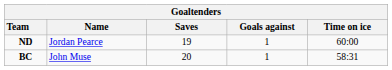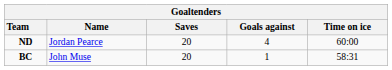 <table class="wikitable" style="width:40em; text-align:right;">
 <tr>
 <th colspan=5>Goaltenders</th>
 </tr>
 <tr>
 <th style="width:4em; text-align:left;">Team</th>
 <th style="width:10em;">Name</th>
 <th style="width:8em;">Saves</th>
 <th style="width:8em;">Goals against</th>
 <th style="width:8em;">Time on ice</th>
 </tr>
 <tr>
 <td align=center><strong>ND</strong></td>
 <td style="text-align:left;"><a href='#'>Jordan Pearce</a></td>
-<td align=center>19</td>
-<td align=center>1</td>
+<td align=center>20</td>
+<td align=center>4</td>
 <td align=center>60:00</td>
 </tr>
 <tr>
 <td align=center><strong>BC</strong></td>
 <td style="text-align:left;"><a href='#'>John Muse</a></td>
 <td align=center>20</td>
 <td align=center>1</td>
 <td align=center>58:31</td>
 </tr>
 </table>
